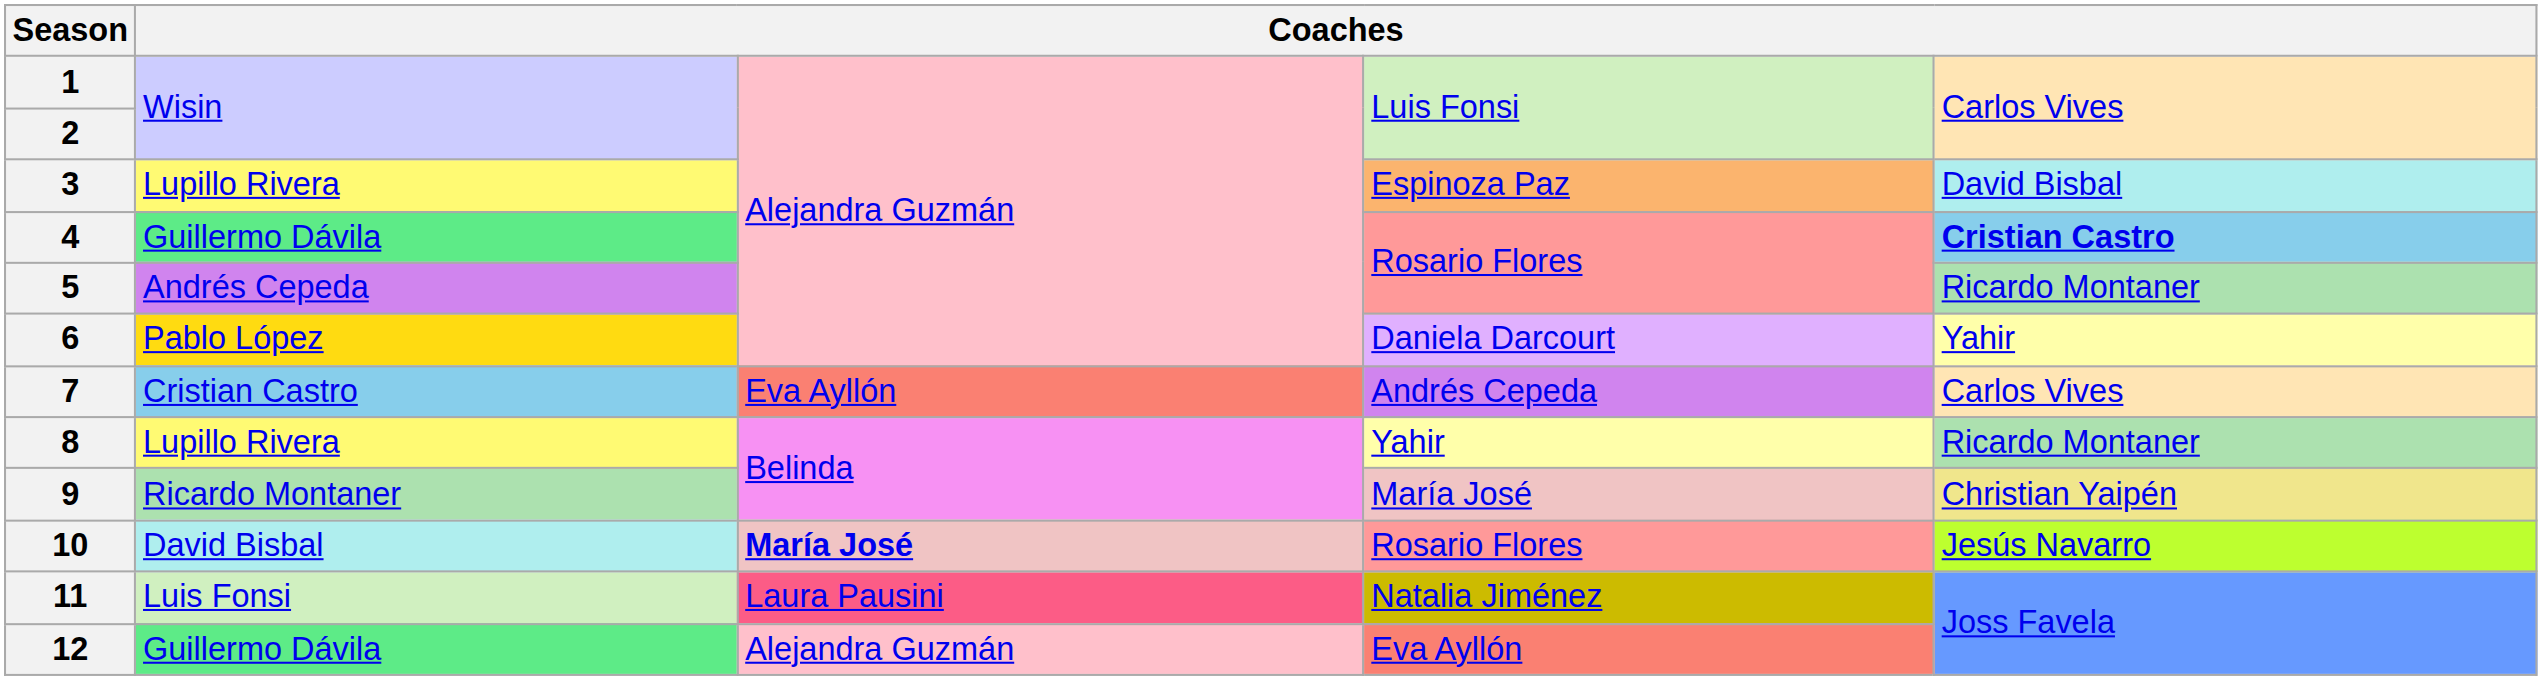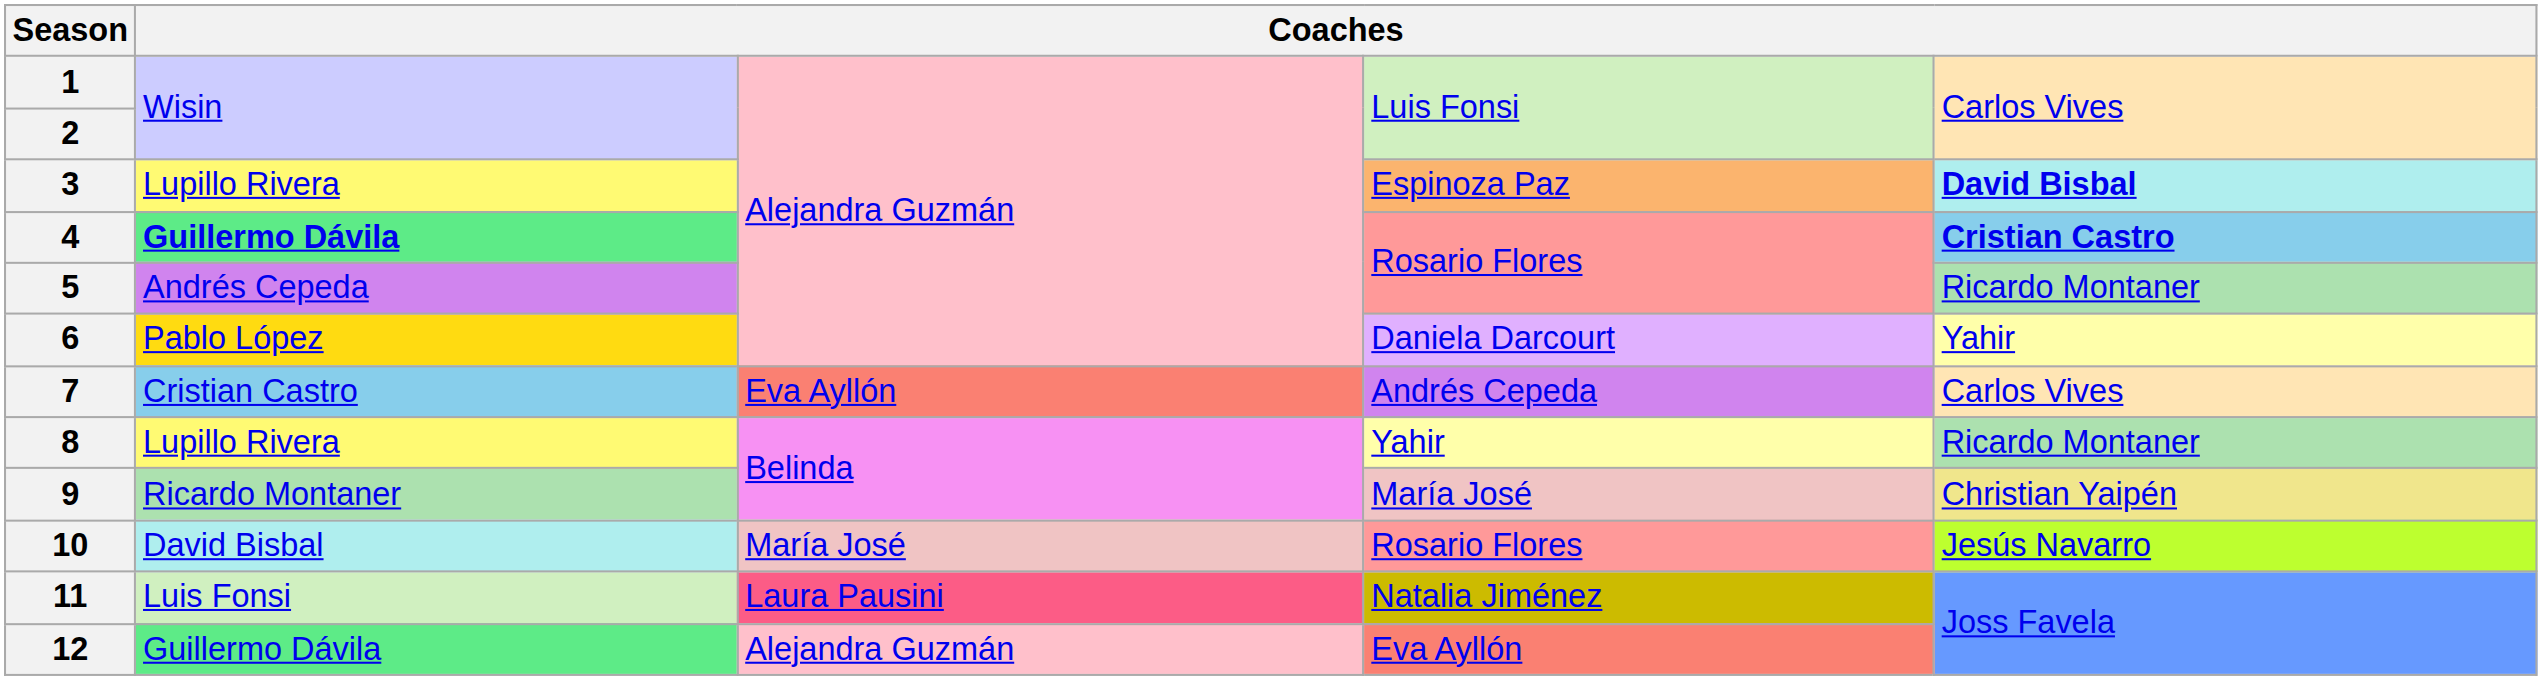 <table class="wikitable">
 <tr>
 <th width="05%">Season</th>
 <th colspan="4">Coaches</th>
 </tr>
 <tr>
 <th>1</th>
 <td style="background:#ccccff" rowspan="2"><a href='#'>Wisin</a></td>
 <td style="background: pink" rowspan="6"><a href='#'>Alejandra Guzmán</a></td>
 <td style="background:#d0f0c0" rowspan="2"><a href='#'>Luis Fonsi</a></td>
 <td style="background:#ffe5b4" rowspan="2"><a href='#'>Carlos Vives</a></td>
 </tr>
 <tr>
 <th>2</th>
 </tr>
 <tr>
 <th>3</th>
 <td style="background:#fffa73"><a href='#'>Lupillo Rivera</a></td>
 <td style="background:#fbb46e"><a href='#'>Espinoza Paz</a></td>
-<td style="background:#afeeee"><a href='#'>David Bisbal</a></td>
+<td style="background:#afeeee"><strong><a href='#'>David Bisbal</a></strong></td>
 </tr>
 <tr>
 <th>4</th>
-<td style="background:#5deb87"><a href='#'>Guillermo Dávila</a></td>
+<td style="background:#5deb87"><strong><a href='#'>Guillermo Dávila</a></strong></td>
 <td style="background:#ff9999" rowspan="2"><a href='#'>Rosario Flores</a></td>
 <td style="background:#87ceeb"><strong><a href='#'>Cristian Castro</a></strong></td>
 </tr>
 <tr>
 <th>5</th>
 <td style="background:#d084ee"><a href='#'>Andrés Cepeda</a></td>
 <td style="background:#ace1af"><a href='#'>Ricardo Montaner</a></td>
 </tr>
 <tr>
 <th>6</th>
 <td style="background:#ffdb11"><a href='#'>Pablo López</a></td>
 <td style="background:#E0B0FF"><a href='#'>Daniela Darcourt</a></td>
 <td style="background:#ffffaa"><a href='#'>Yahir</a></td>
 </tr>
 <tr>
 <th>7</th>
 <td style="background:#87ceeb"><a href='#'>Cristian Castro</a></td>
 <td style="background:salmon"><a href='#'>Eva Ayllón</a></td>
 <td style="background:#d084ee"><a href='#'>Andrés Cepeda</a></td>
 <td style="background:#ffe5b4"><a href='#'>Carlos Vives</a></td>
 </tr>
 <tr>
 <th>8</th>
 <td style="background:#fffa73"><a href='#'>Lupillo Rivera</a></td>
 <td style="background:#f791f3" rowspan="2"><a href='#'>Belinda</a></td>
 <td style="background:#ffffaa"><a href='#'>Yahir</a></td>
 <td style="background:#ace1af"><a href='#'>Ricardo Montaner</a></td>
 </tr>
 <tr>
 <th>9</th>
 <td style="background:#ace1af"><a href='#'>Ricardo Montaner</a></td>
 <td style="background:#f0c4c4"><a href='#'>María José</a></td>
 <td style="background:khaki"><a href='#'>Christian Yaipén</a></td>
 </tr>
 <tr>
 <th>10</th>
 <td style="background:#afeeee"><a href='#'>David Bisbal</a></td>
-<td style="background:#f0c4c4"><strong><a href='#'>María José</a></strong></td>
+<td style="background:#f0c4c4"><a href='#'>María José</a></td>
 <td style="background:#ff9999" rowspan="1"><a href='#'>Rosario Flores</a></td>
 <td style="background:#bdff2f"><a href='#'>Jesús Navarro</a></td>
 </tr>
 <tr>
 <th>11</th>
 <td style="background:#d0f0c0"><a href='#'>Luis Fonsi</a></td>
 <td bgcolor="#FC5C86"><a href='#'>Laura Pausini</a></td>
 <td bgcolor="#CCBB00"><a href='#'>Natalia Jiménez</a></td>
 <td style="background:#6699FF" rowspan="2"><a href='#'>Joss Favela</a></td>
 </tr>
 <tr>
 <th>12</th>
 <td style="background:#5deb87"><a href='#'>Guillermo Dávila</a></td>
 <td style="background: pink"><a href='#'>Alejandra Guzmán</a></td>
 <td style="background:salmon"><a href='#'>Eva Ayllón</a></td>
 </tr>
 </table>
